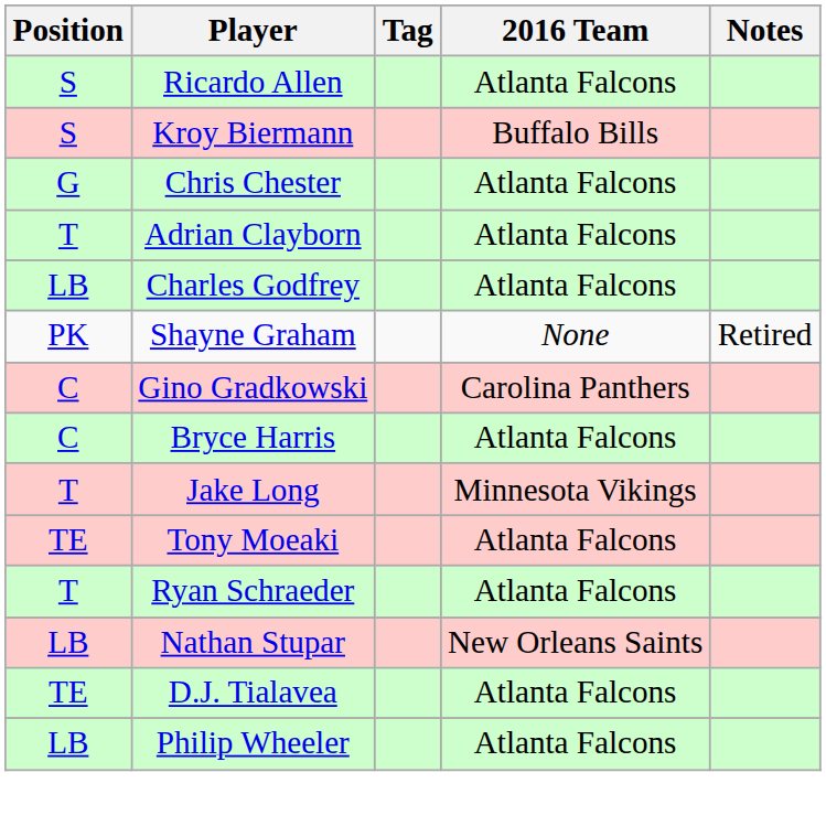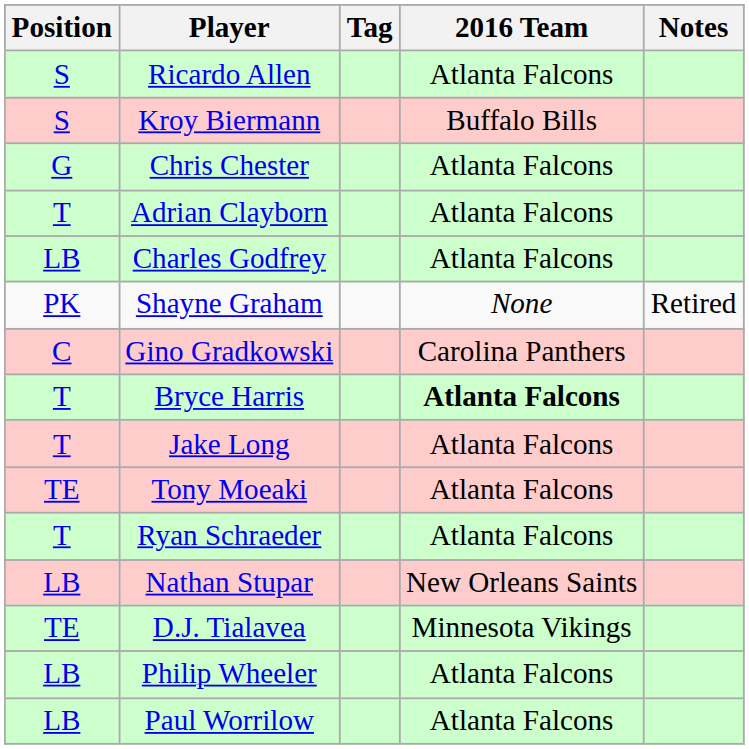 <table class="wikitable" style=text-align:center>
 <tr>
 <th>Position</th>
 <th>Player</th>
 <th>Tag</th>
 <th>2016 Team</th>
 <th>Notes</th>
 </tr>
 <tr style="background:#cfc">
 <td><a href='#'>S</a></td>
 <td><a href='#'>Ricardo Allen</a></td>
 <td></td>
 <td>Atlanta Falcons</td>
 <td></td>
 </tr>
 <tr style="background:#fcc">
 <td><a href='#'>S</a></td>
 <td><a href='#'>Kroy Biermann</a></td>
 <td></td>
 <td>Buffalo Bills</td>
 <td></td>
 </tr>
 <tr style="background:#cfc">
 <td><a href='#'>G</a></td>
 <td><a href='#'>Chris Chester</a></td>
 <td></td>
 <td>Atlanta Falcons</td>
 <td></td>
 </tr>
 <tr style="background:#cfc">
 <td><a href='#'>T</a></td>
 <td><a href='#'>Adrian Clayborn</a></td>
 <td></td>
 <td>Atlanta Falcons</td>
 <td></td>
 </tr>
 <tr style="background:#cfc">
 <td><a href='#'>LB</a></td>
 <td><a href='#'>Charles Godfrey</a></td>
 <td></td>
 <td>Atlanta Falcons</td>
 <td></td>
 </tr>
 <tr style="background:#">
 <td><a href='#'>PK</a></td>
 <td><a href='#'>Shayne Graham</a></td>
 <td></td>
 <td><em>None</em></td>
 <td>Retired</td>
 </tr>
 <tr style="background:#fcc">
 <td><a href='#'>C</a></td>
 <td><a href='#'>Gino Gradkowski</a></td>
 <td></td>
 <td>Carolina Panthers</td>
 <td></td>
 </tr>
 <tr style="background:#cfc">
-<td><a href='#'>C</a></td>
+<td><a href='#'>T</a></td>
 <td><a href='#'>Bryce Harris</a></td>
 <td></td>
-<td>Atlanta Falcons</td>
+<td><strong>Atlanta Falcons</strong></td>
 <td></td>
 </tr>
 <tr style="background:#fcc">
 <td><a href='#'>T</a></td>
 <td><a href='#'>Jake Long</a></td>
 <td></td>
-<td>Minnesota Vikings</td>
+<td>Atlanta Falcons</td>
 <td></td>
 </tr>
 <tr style="background:#fcc">
 <td><a href='#'>TE</a></td>
 <td><a href='#'>Tony Moeaki</a></td>
 <td></td>
 <td>Atlanta Falcons</td>
 <td></td>
 </tr>
 <tr style="background:#cfc">
 <td><a href='#'>T</a></td>
 <td><a href='#'>Ryan Schraeder</a></td>
 <td></td>
 <td>Atlanta Falcons</td>
 <td></td>
 </tr>
 <tr style="background:#fcc">
 <td><a href='#'>LB</a></td>
 <td><a href='#'>Nathan Stupar</a></td>
 <td></td>
 <td>New Orleans Saints</td>
 <td></td>
 </tr>
 <tr style="background:#cfc">
 <td><a href='#'>TE</a></td>
 <td><a href='#'>D.J. Tialavea</a></td>
 <td></td>
-<td>Atlanta Falcons</td>
+<td>Minnesota Vikings</td>
 <td></td>
 </tr>
 <tr style="background:#cfc">
 <td><a href='#'>LB</a></td>
 <td><a href='#'>Philip Wheeler</a></td>
 <td></td>
 <td>Atlanta Falcons</td>
 <td></td>
 </tr>
+<tr style="background:#cfc">
+<td><a href='#'>LB</a></td>
+<td><a href='#'>Paul Worrilow</a></td>
+<td></td>
+<td>Atlanta Falcons</td>
+<td></td>
+</tr>
 </table>
